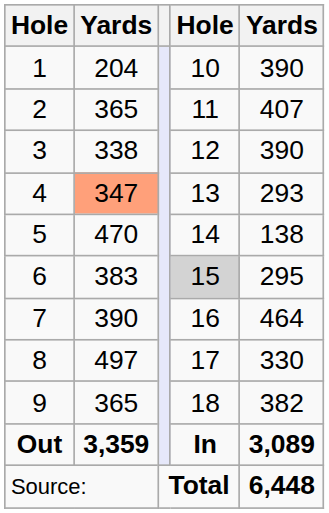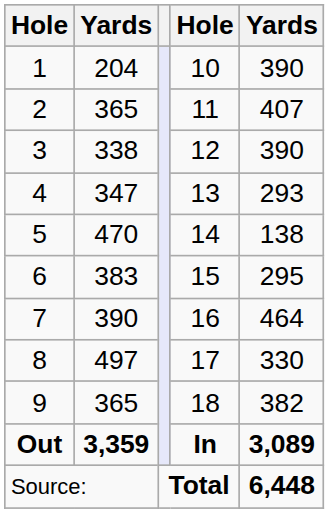 <table class="wikitable" style="text-align:center; font-size:100%;">
 <tr>
 <th>Hole</th>
 <th>Yards</th>
 <th></th>
 <th>Hole</th>
 <th>Yards</th>
 </tr>
 <tr>
 <td>1</td>
 <td>204</td>
 <td rowspan=10 style="background:#E6E8FA;"></td>
 <td>10</td>
 <td>390</td>
 </tr>
 <tr>
 <td>2</td>
 <td>365</td>
 <td>11</td>
 <td>407</td>
 </tr>
 <tr>
 <td>3</td>
 <td>338</td>
 <td>12</td>
 <td>390</td>
 </tr>
 <tr>
 <td>4</td>
-<td style="background: lightsalmon;">347</td>
+<td>347</td>
 <td>13</td>
 <td>293</td>
 </tr>
 <tr>
 <td>5</td>
 <td>470</td>
 <td>14</td>
 <td>138</td>
 </tr>
 <tr>
 <td>6</td>
 <td>383</td>
-<td style="background: lightgrey;">15</td>
+<td>15</td>
 <td>295</td>
 </tr>
 <tr>
 <td>7</td>
 <td>390</td>
 <td>16</td>
 <td>464</td>
 </tr>
 <tr>
 <td>8</td>
 <td>497</td>
 <td>17</td>
 <td>330</td>
 </tr>
 <tr>
 <td>9</td>
 <td>365</td>
 <td>18</td>
 <td>382</td>
 </tr>
 <tr>
 <td><strong>Out</strong></td>
 <td><strong>3,359</strong></td>
 <td><strong>In</strong></td>
 <td><strong>3,089</strong></td>
 </tr>
 <tr>
 <td colspan=2 align=left><small>Source:</small></td>
 <td colspan=2><strong>Total</strong></td>
 <td><strong>6,448</strong></td>
 </tr>
 </table>
